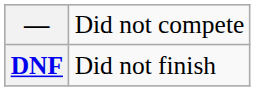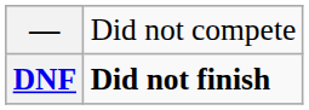 <table class="wikitable">
 <tr>
 <th scope="ROW">—</th>
 <td>Did not compete</td>
 </tr>
 <tr>
 <th scope="ROW"><a href='#'>DNF</a></th>
-<td>Did not finish</td>
+<td><strong>Did not finish</strong></td>
 </tr>
 </table>
